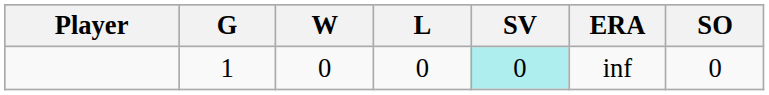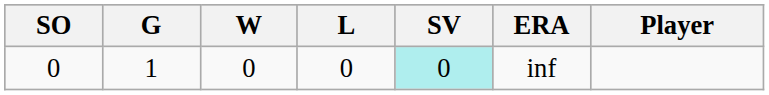 <table class="wikitable sortable">
 <tr>
-<th bgcolor="#DDDDFF" width="16%">Player</th>
+<th bgcolor="#DDDDFF" width="9%">SO</th>
 <th bgcolor="#DDDDFF" width="9%">G</th>
 <th bgcolor="#DDDDFF" width="9%">W</th>
 <th bgcolor="#DDDDFF" width="9%">L</th>
 <th bgcolor="#DDDDFF" width="9%">SV</th>
 <th bgcolor="#DDDDFF" width="9%">ERA</th>
-<th bgcolor="#DDDDFF" width="9%">SO</th>
+<th bgcolor="#DDDDFF" width="16%">Player</th>
 </tr>
 <tr align="center">
-<td></td>
+<td>0</td>
 <td>1</td>
 <td>0</td>
 <td>0</td>
 <td style="background: paleturquoise;">0</td>
 <td>inf</td>
-<td>0</td>
+<td></td>
 </tr>
 </table>
